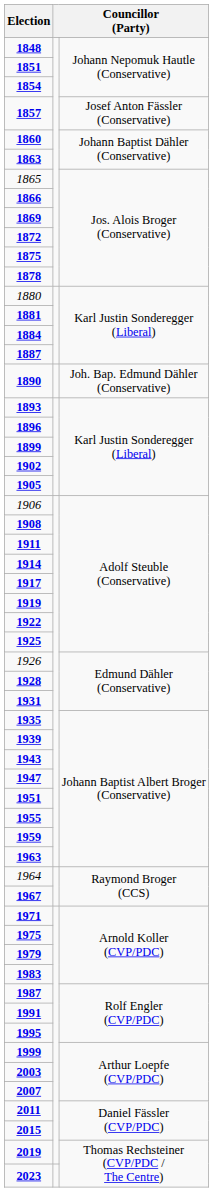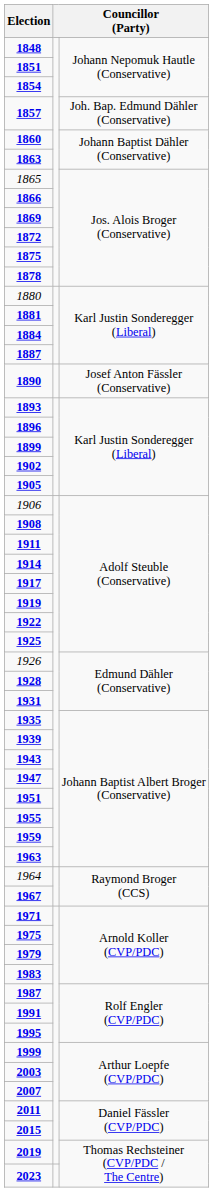 <table class="wikitable" style="text-align:center">
 <tr>
 <th>Election</th>
 <th colspan=2>Councillor<br>(Party)</th>
 </tr>
 <tr>
 <td><strong><a href='#'>1848</a></strong></td>
 <td rowspan=12; style="background-color: "></td>
 <td rowspan=3>Johann Nepomuk Hautle<br>(Conservative)</td>
 </tr>
 <tr>
 <td><strong><a href='#'>1851</a></strong></td>
 </tr>
 <tr>
 <td><strong><a href='#'>1854</a></strong></td>
 </tr>
 <tr>
 <td><strong><a href='#'>1857</a></strong></td>
-<td rowspan=1>Josef Anton Fässler<br>(Conservative)</td>
+<td rowspan=1>Joh. Bap. Edmund Dähler<br>(Conservative)</td>
 </tr>
 <tr>
 <td><strong><a href='#'>1860</a></strong></td>
 <td rowspan=2>Johann Baptist Dähler<br>(Conservative)</td>
 </tr>
 <tr>
 <td><strong><a href='#'>1863</a></strong></td>
 </tr>
 <tr>
 <td><em>1865</em></td>
 <td rowspan=6>Jos. Alois Broger<br>(Conservative)</td>
 </tr>
 <tr>
 <td><strong><a href='#'>1866</a></strong></td>
 </tr>
 <tr>
 <td><strong><a href='#'>1869</a></strong></td>
 </tr>
 <tr>
 <td><strong><a href='#'>1872</a></strong></td>
 </tr>
 <tr>
 <td><strong><a href='#'>1875</a></strong></td>
 </tr>
 <tr>
 <td><strong><a href='#'>1878</a></strong></td>
 </tr>
 <tr>
 <td><em>1880</em></td>
 <td rowspan=4; style="background-color: "></td>
 <td rowspan=4>Karl Justin Sonderegger<br>(<a href='#'>Liberal</a>)</td>
 </tr>
 <tr>
 <td><strong><a href='#'>1881</a></strong></td>
 </tr>
 <tr>
 <td><strong><a href='#'>1884</a></strong></td>
 </tr>
 <tr>
 <td><strong><a href='#'>1887</a></strong></td>
 </tr>
 <tr>
 <td><strong><a href='#'>1890</a></strong></td>
 <td rowspan=1; style="background-color: "></td>
-<td rowspan=1>Joh. Bap. Edmund Dähler<br>(Conservative)</td>
+<td rowspan=1>Josef Anton Fässler<br>(Conservative)</td>
 </tr>
 <tr>
 <td><strong><a href='#'>1893</a></strong></td>
 <td rowspan=5; style="background-color: "></td>
 <td rowspan=5>Karl Justin Sonderegger<br>(<a href='#'>Liberal</a>)</td>
 </tr>
 <tr>
 <td><strong><a href='#'>1896</a></strong></td>
 </tr>
 <tr>
 <td><strong><a href='#'>1899</a></strong></td>
 </tr>
 <tr>
 <td><strong><a href='#'>1902</a></strong></td>
 </tr>
 <tr>
 <td><strong><a href='#'>1905</a></strong></td>
 </tr>
 <tr>
 <td><em>1906</em></td>
 <td rowspan=19; style="background-color: "></td>
 <td rowspan=8>Adolf Steuble<br>(Conservative)</td>
 </tr>
 <tr>
 <td><strong><a href='#'>1908</a></strong></td>
 </tr>
 <tr>
 <td><strong><a href='#'>1911</a></strong></td>
 </tr>
 <tr>
 <td><strong><a href='#'>1914</a></strong></td>
 </tr>
 <tr>
 <td><strong><a href='#'>1917</a></strong></td>
 </tr>
 <tr>
 <td><strong><a href='#'>1919</a></strong></td>
 </tr>
 <tr>
 <td><strong><a href='#'>1922</a></strong></td>
 </tr>
 <tr>
 <td><strong><a href='#'>1925</a></strong></td>
 </tr>
 <tr>
 <td><em>1926</em></td>
 <td rowspan=3>Edmund Dähler<br>(Conservative)</td>
 </tr>
 <tr>
 <td><strong><a href='#'>1928</a></strong></td>
 </tr>
 <tr>
 <td><strong><a href='#'>1931</a></strong></td>
 </tr>
 <tr>
 <td><strong><a href='#'>1935</a></strong></td>
 <td rowspan=8>Johann Baptist Albert Broger<br>(Conservative)</td>
 </tr>
 <tr>
 <td><strong><a href='#'>1939</a></strong></td>
 </tr>
 <tr>
 <td><strong><a href='#'>1943</a></strong></td>
 </tr>
 <tr>
 <td><strong><a href='#'>1947</a></strong></td>
 </tr>
 <tr>
 <td><strong><a href='#'>1951</a></strong></td>
 </tr>
 <tr>
 <td><strong><a href='#'>1955</a></strong></td>
 </tr>
 <tr>
 <td><strong><a href='#'>1959</a></strong></td>
 </tr>
 <tr>
 <td><strong><a href='#'>1963</a></strong></td>
 </tr>
 <tr>
 <td><em>1964</em></td>
 <td rowspan=2; style="background-color: "></td>
 <td rowspan=2>Raymond Broger<br>(CCS)</td>
 </tr>
 <tr>
 <td><strong><a href='#'>1967</a></strong></td>
 </tr>
 <tr>
 <td><strong><a href='#'>1971</a></strong></td>
 <td rowspan=13; style="background-color: "></td>
 <td rowspan=4>Arnold Koller<br>(<a href='#'>CVP/PDC</a>)</td>
 </tr>
 <tr>
 <td><strong><a href='#'>1975</a></strong></td>
 </tr>
 <tr>
 <td><strong><a href='#'>1979</a></strong></td>
 </tr>
 <tr>
 <td><strong><a href='#'>1983</a></strong></td>
 </tr>
 <tr>
 <td><strong><a href='#'>1987</a></strong></td>
 <td rowspan=3>Rolf Engler<br>(<a href='#'>CVP/PDC</a>)</td>
 </tr>
 <tr>
 <td><strong><a href='#'>1991</a></strong></td>
 </tr>
 <tr>
 <td><strong><a href='#'>1995</a></strong></td>
 </tr>
 <tr>
 <td><strong><a href='#'>1999</a></strong></td>
 <td rowspan=3>Arthur Loepfe<br>(<a href='#'>CVP/PDC</a>)</td>
 </tr>
 <tr>
 <td><strong><a href='#'>2003</a></strong></td>
 </tr>
 <tr>
 <td><strong><a href='#'>2007</a></strong></td>
 </tr>
 <tr>
 <td><strong><a href='#'>2011</a></strong></td>
 <td rowspan=2>Daniel Fässler<br>(<a href='#'>CVP/PDC</a>)</td>
 </tr>
 <tr>
 <td><strong><a href='#'>2015</a></strong></td>
 </tr>
 <tr>
 <td><strong><a href='#'>2019</a></strong></td>
 <td rowspan=2>Thomas Rechsteiner<br>(<a href='#'>CVP/PDC</a> /<br><a href='#'>The Centre</a>)</td>
 </tr>
 <tr>
 <td><strong><a href='#'>2023</a></strong></td>
 <td rowspan=1; style="background-color: "></td>
 </tr>
 </table>
